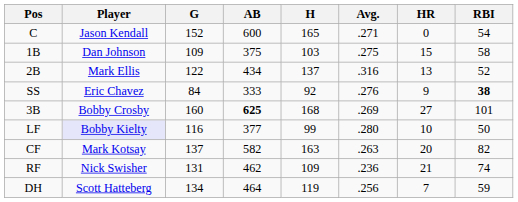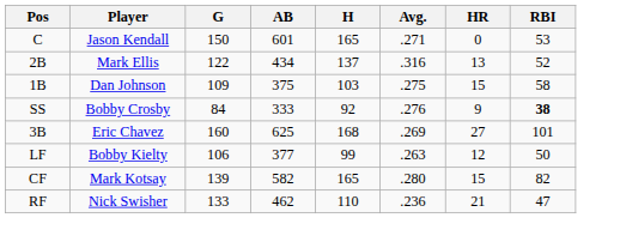 <table class="wikitable sortable">
 <tr>
 <th bgcolor="#DDDDFF" width="9%">Pos</th>
 <th bgcolor="#DDDDFF" width="16%">Player</th>
 <th bgcolor="#DDDDFF" width="9%">G</th>
 <th bgcolor="#DDDDFF" width="9%">AB</th>
 <th bgcolor="#DDDDFF" width="9%">H</th>
 <th bgcolor="#DDDDFF" width="9%">Avg.</th>
 <th bgcolor="#DDDDFF" width="9%">HR</th>
 <th bgcolor="#DDDDFF" width="9%">RBI</th>
 </tr>
 <tr align=center>
 <td>C</td>
 <td><a href='#'>Jason Kendall</a></td>
-<td>152</td>
-<td>600</td>
+<td>150</td>
+<td>601</td>
 <td>165</td>
 <td>.271</td>
 <td>0</td>
-<td>54</td>
+<td>53</td>
+</tr>
+<tr align=center>
+<td>2B</td>
+<td><a href='#'>Mark Ellis</a></td>
+<td>122</td>
+<td>434</td>
+<td>137</td>
+<td>.316</td>
+<td>13</td>
+<td>52</td>
 </tr>
 <tr align=center>
 <td>1B</td>
 <td><a href='#'>Dan Johnson</a></td>
 <td>109</td>
 <td>375</td>
 <td>103</td>
 <td>.275</td>
 <td>15</td>
 <td>58</td>
 </tr>
 <tr align=center>
-<td>2B</td>
-<td><a href='#'>Mark Ellis</a></td>
-<td>122</td>
-<td>434</td>
-<td>137</td>
-<td>.316</td>
-<td>13</td>
-<td>52</td>
-</tr>
-<tr align=center>
 <td>SS</td>
-<td><a href='#'>Eric Chavez</a></td>
+<td><a href='#'>Bobby Crosby</a></td>
 <td>84</td>
 <td>333</td>
 <td>92</td>
 <td>.276</td>
 <td>9</td>
 <td><strong>38</strong></td>
 </tr>
 <tr align=center>
 <td>3B</td>
-<td><a href='#'>Bobby Crosby</a></td>
+<td><a href='#'>Eric Chavez</a></td>
 <td>160</td>
-<td><strong>625</strong></td>
+<td>625</td>
 <td>168</td>
 <td>.269</td>
 <td>27</td>
 <td>101</td>
 </tr>
 <tr align=center>
 <td>LF</td>
-<td style="background: lavender;"><a href='#'>Bobby Kielty</a></td>
-<td>116</td>
+<td><a href='#'>Bobby Kielty</a></td>
+<td>106</td>
 <td>377</td>
 <td>99</td>
-<td>.280</td>
-<td>10</td>
+<td>.263</td>
+<td>12</td>
 <td>50</td>
 </tr>
 <tr align=center>
 <td>CF</td>
 <td><a href='#'>Mark Kotsay</a></td>
-<td>137</td>
+<td>139</td>
 <td>582</td>
-<td>163</td>
-<td>.263</td>
-<td>20</td>
+<td>165</td>
+<td>.280</td>
+<td>15</td>
 <td>82</td>
 </tr>
 <tr align=center>
 <td>RF</td>
 <td><a href='#'>Nick Swisher</a></td>
-<td>131</td>
+<td>133</td>
 <td>462</td>
-<td>109</td>
+<td>110</td>
 <td>.236</td>
 <td>21</td>
-<td>74</td>
-</tr>
-<tr align=center>
-<td>DH</td>
-<td><a href='#'>Scott Hatteberg</a></td>
-<td>134</td>
-<td>464</td>
-<td>119</td>
-<td>.256</td>
-<td>7</td>
-<td>59</td>
+<td>47</td>
 </tr>
 </table>
